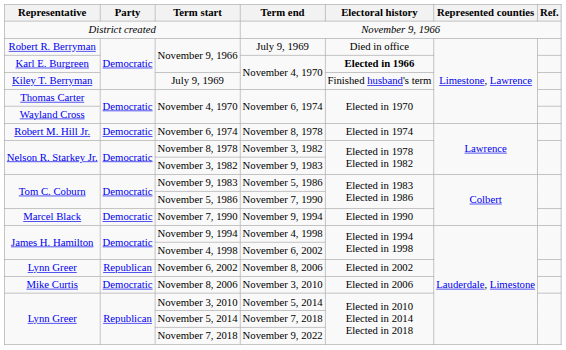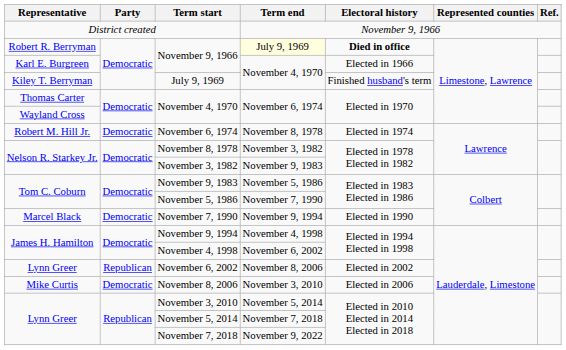 <table class="wikitable" style="text-align:center">
 <tr>
 <th>Representative</th>
 <th>Party</th>
 <th>Term start</th>
 <th>Term end</th>
 <th>Electoral history</th>
 <th>Represented counties</th>
 <th>Ref. </th>
 </tr>
 <tr>
 <td colspan=3><em>District created</em></td>
 <td colspan="4"><em>November 9, 1966</em></td>
 </tr>
 <tr>
 <td><a href='#'>Robert R. Berryman</a></td>
 <td rowspan=3><a href='#'>Democratic</a></td>
 <td rowspan=2>November 9, 1966</td>
-<td>July 9, 1969</td>
-<td>Died in office</td>
+<td style="background: lightyellow;">July 9, 1969</td>
+<td><strong>Died in office</strong></td>
 <td rowspan=5><a href='#'>Limestone</a>, <a href='#'>Lawrence</a></td>
 <td></td>
 </tr>
 <tr>
 <td><a href='#'>Karl E. Burgreen</a></td>
 <td rowspan=2>November 4, 1970</td>
-<td><strong>Elected in 1966</strong></td>
+<td>Elected in 1966</td>
 <td></td>
 </tr>
 <tr>
 <td><a href='#'>Kiley T. Berryman</a></td>
 <td>July 9, 1969</td>
 <td>Finished <a href='#'>husband</a>'s term</td>
 <td></td>
 </tr>
 <tr>
 <td><a href='#'>Thomas Carter</a></td>
 <td rowspan=2><a href='#'>Democratic</a></td>
 <td rowspan=2>November 4, 1970</td>
 <td rowspan=2>November 6, 1974</td>
 <td rowspan=2>Elected in 1970</td>
 <td></td>
 </tr>
 <tr>
 <td><a href='#'>Wayland Cross</a></td>
 <td></td>
 </tr>
 <tr>
 <td><a href='#'>Robert M. Hill Jr.</a></td>
 <td><a href='#'>Democratic</a></td>
 <td>November 6, 1974</td>
 <td>November 8, 1978</td>
 <td>Elected in 1974</td>
 <td rowspan=3><a href='#'>Lawrence</a></td>
 <td></td>
 </tr>
 <tr>
 <td rowspan=2><a href='#'>Nelson R. Starkey Jr.</a></td>
 <td rowspan=2><a href='#'>Democratic</a></td>
 <td>November 8, 1978</td>
 <td>November 3, 1982</td>
 <td rowspan=2>Elected in 1978<br>Elected in 1982</td>
 <td rowspan="2"></td>
 </tr>
 <tr>
 <td>November 3, 1982</td>
 <td>November 9, 1983</td>
 </tr>
 <tr>
 <td rowspan=2><a href='#'>Tom C. Coburn</a></td>
 <td rowspan=2><a href='#'>Democratic</a></td>
 <td>November 9, 1983</td>
 <td>November 5, 1986</td>
 <td rowspan=2>Elected in 1983<br>Elected in 1986</td>
 <td rowspan=3><a href='#'>Colbert</a></td>
 <td rowspan="2"></td>
 </tr>
 <tr>
 <td>November 5, 1986</td>
 <td>November 7, 1990</td>
 </tr>
 <tr>
 <td><a href='#'>Marcel Black</a></td>
 <td><a href='#'>Democratic</a></td>
 <td>November 7, 1990</td>
 <td>November 9, 1994</td>
 <td>Elected in 1990</td>
 <td></td>
 </tr>
 <tr>
 <td rowspan=2><a href='#'>James H. Hamilton</a></td>
 <td rowspan=2><a href='#'>Democratic</a></td>
 <td>November 9, 1994</td>
 <td>November 4, 1998</td>
 <td rowspan=2>Elected in 1994<br>Elected in 1998</td>
 <td rowspan="7"><a href='#'>Lauderdale</a>, <a href='#'>Limestone</a></td>
 <td rowspan="2"></td>
 </tr>
 <tr>
 <td>November 4, 1998</td>
 <td>November 6, 2002</td>
 </tr>
 <tr>
 <td><a href='#'>Lynn Greer</a></td>
 <td><a href='#'>Republican</a></td>
 <td>November 6, 2002</td>
 <td>November 8, 2006</td>
 <td>Elected in 2002</td>
 <td></td>
 </tr>
 <tr>
 <td><a href='#'>Mike Curtis</a></td>
 <td><a href='#'>Democratic</a></td>
 <td>November 8, 2006</td>
 <td>November 3, 2010</td>
 <td>Elected in 2006</td>
 <td></td>
 </tr>
 <tr>
 <td rowspan=3><a href='#'>Lynn Greer</a></td>
 <td rowspan=3><a href='#'>Republican</a></td>
 <td>November 3, 2010</td>
 <td>November 5, 2014</td>
 <td rowspan=3>Elected in 2010<br>Elected in 2014<br>Elected in 2018</td>
 <td rowspan="3"></td>
 </tr>
 <tr>
 <td>November 5, 2014</td>
 <td>November 7, 2018</td>
 </tr>
 <tr>
 <td>November 7, 2018</td>
 <td>November 9, 2022</td>
 </tr>
 </table>
